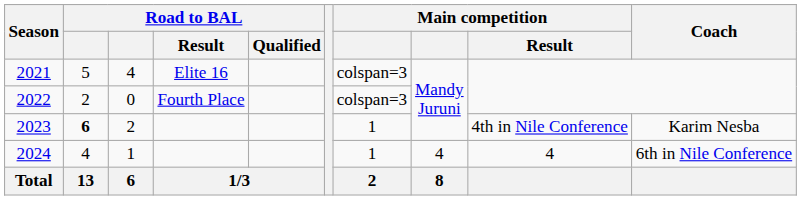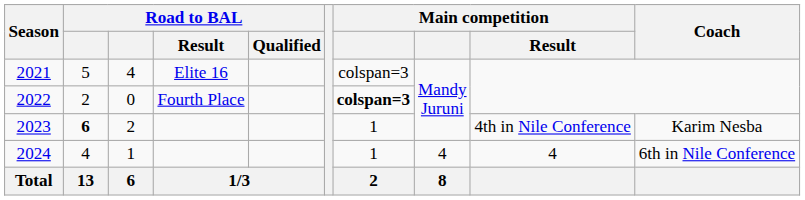 <table class="wikitable" style="text-align:center;">
 <tr>
 <th rowspan="2">Season</th>
 <th colspan="4"><a href='#'>Road to BAL</a></th>
 <th rowspan="101"></th>
 <th colspan="3">Main competition</th>
 <th rowspan="2">Coach</th>
 </tr>
 <tr>
 <th width="35"></th>
 <th width="35"></th>
 <th>Result</th>
 <th>Qualified</th>
 <th width="35"></th>
 <th width="35"></th>
 <th>Result</th>
 </tr>
 <tr>
 <td><a href='#'>2021</a></td>
 <td>5</td>
 <td>4</td>
 <td><a href='#'>Elite 16</a></td>
 <td></td>
 <td>colspan=3 </td>
 <td rowspan="3"><a href='#'>Mandy Juruni</a></td>
 </tr>
 <tr>
 <td><a href='#'>2022</a></td>
 <td>2</td>
 <td>0</td>
 <td><a href='#'>Fourth Place</a></td>
 <td></td>
-<td>colspan=3 </td>
+<td><strong>colspan=3 </strong></td>
 </tr>
 <tr>
 <td><a href='#'>2023</a></td>
 <td><strong>6</strong></td>
 <td>2</td>
 <td></td>
 <td></td>
 <td>1</td>
 <td>4th in <a href='#'>Nile Conference</a></td>
 <td>Karim Nesba</td>
 </tr>
 <tr>
 <td><a href='#'>2024</a></td>
 <td>4</td>
 <td>1</td>
 <td></td>
 <td></td>
 <td>1</td>
 <td>4</td>
 <td>4</td>
 <td>6th in <a href='#'>Nile Conference</a></td>
 </tr>
 <tr>
 <th>Total</th>
 <th>13</th>
 <th>6</th>
 <th colspan="2">1/3</th>
 <th>2</th>
 <th>8</th>
 <th></th>
 <th></th>
 </tr>
 </table>
